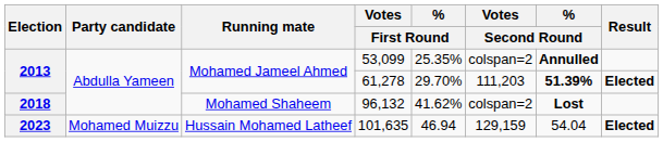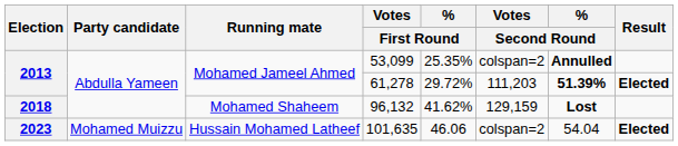 <table class=wikitable style=text-align:center>
 <tr>
 <th rowspan="2"><strong>Election</strong></th>
 <th rowspan="2"><strong>Party candidate</strong></th>
 <th rowspan="2"><strong>Running mate</strong></th>
 <th>Votes</th>
 <th><strong>%</strong></th>
 <th>Votes</th>
 <th><strong>%</strong></th>
 <th rowspan="2">Result</th>
 </tr>
 <tr>
 <th colspan="2">First Round</th>
 <th colspan="2">Second Round</th>
 </tr>
 <tr>
 <th rowspan="2"><a href='#'>2013</a></th>
 <td rowspan="3"><a href='#'>Abdulla Yameen</a></td>
 <td rowspan="2"><a href='#'>Mohamed Jameel Ahmed</a></td>
 <td>53,099</td>
 <td>25.35%</td>
 <td>colspan=2 </td>
 <td><strong>Annulled</strong> </td>
 </tr>
 <tr>
 <td>61,278</td>
-<td>29.70%</td>
+<td>29.72%</td>
 <td>111,203</td>
 <td><strong>51.39%</strong></td>
 <td><strong>Elected</strong> </td>
 </tr>
 <tr>
 <th><a href='#'>2018</a></th>
 <td><a href='#'>Mohamed Shaheem</a></td>
 <td>96,132</td>
 <td>41.62%</td>
-<td>colspan=2 </td>
+<td>129,159</td>
 <td><strong>Lost</strong> </td>
 </tr>
 <tr>
 <th><a href='#'>2023</a></th>
 <td><a href='#'>Mohamed Muizzu</a></td>
 <td><a href='#'>Hussain Mohamed Latheef</a></td>
 <td>101,635</td>
-<td>46.94</td>
-<td>129,159</td>
+<td>46.06</td>
+<td>colspan=2 </td>
 <td>54.04</td>
 <td><strong>Elected</strong> </td>
 </tr>
 </table>
